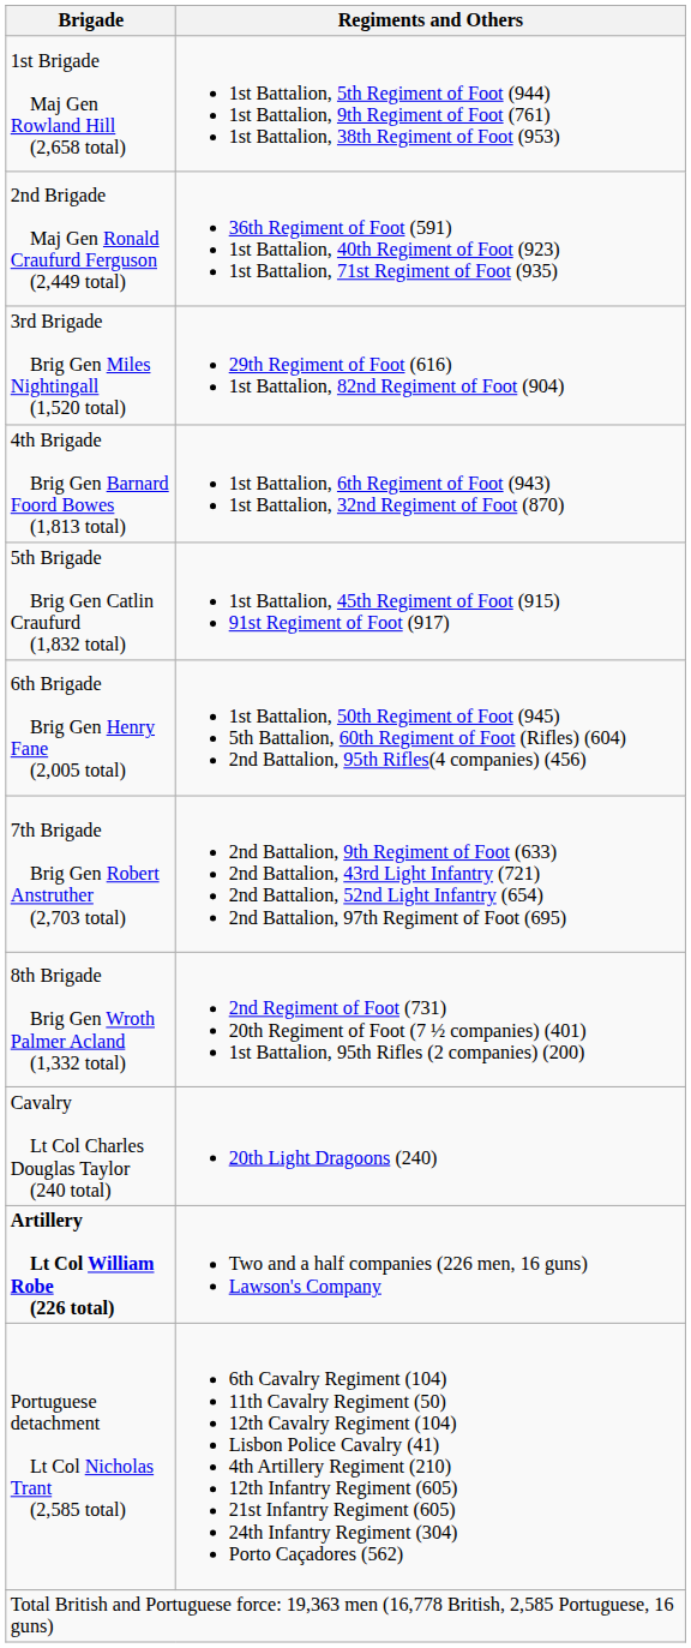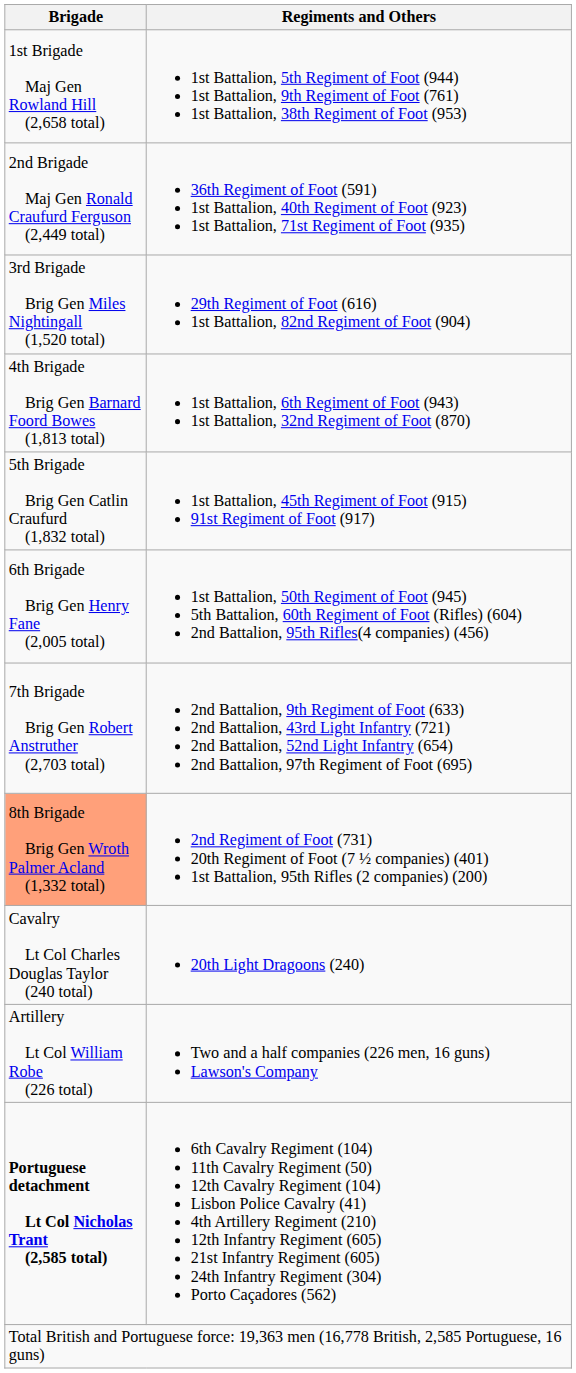 <table class="wikitable" width="90%" style="margin: 1em auto 1em auto">
 <tr>
 <th style="width:25%;">Brigade</th>
 <th>Regiments and Others</th>
 </tr>
 <tr>
 <td>1st Brigade<br><br>    Maj Gen <a href='#'>Rowland Hill</a> <br>    (2,658 total)</td>
 <td><br><ul><li>1st Battalion, <a href='#'>5th Regiment of Foot</a> (944)</li><li>1st Battalion, <a href='#'>9th Regiment of Foot</a> (761)</li><li>1st Battalion, <a href='#'>38th Regiment of Foot</a> (953)</li></ul></td>
 </tr>
 <tr>
 <td>2nd Brigade<br><br>    Maj Gen <a href='#'>Ronald Craufurd Ferguson</a> <br>    (2,449 total)</td>
 <td><br><ul><li><a href='#'>36th Regiment of Foot</a> (591)</li><li>1st Battalion, <a href='#'>40th Regiment of Foot</a> (923)</li><li>1st Battalion, <a href='#'>71st Regiment of Foot</a> (935)</li></ul></td>
 </tr>
 <tr>
 <td>3rd Brigade<br><br>    Brig Gen <a href='#'>Miles Nightingall</a> <br>    (1,520 total)</td>
 <td><br><ul><li><a href='#'>29th Regiment of Foot</a> (616)</li><li>1st Battalion, <a href='#'>82nd Regiment of Foot</a> (904)</li></ul></td>
 </tr>
 <tr>
 <td>4th Brigade<br><br>    Brig Gen <a href='#'>Barnard Foord Bowes</a> <br>    (1,813 total)</td>
 <td><br><ul><li>1st Battalion, <a href='#'>6th Regiment of Foot</a> (943)</li><li>1st Battalion, <a href='#'>32nd Regiment of Foot</a> (870)</li></ul></td>
 </tr>
 <tr>
 <td>5th Brigade<br><br>    Brig Gen Catlin Craufurd <br>    (1,832 total)</td>
 <td><br><ul><li>1st Battalion, <a href='#'>45th Regiment of Foot</a> (915)</li><li><a href='#'>91st Regiment of Foot</a> (917)</li></ul></td>
 </tr>
 <tr>
 <td>6th Brigade<br><br>    Brig Gen <a href='#'>Henry Fane</a> <br>    (2,005 total)</td>
 <td><br><ul><li>1st Battalion, <a href='#'>50th Regiment of Foot</a> (945)</li><li>5th Battalion, <a href='#'>60th Regiment of Foot</a> (Rifles) (604)</li><li>2nd Battalion, <a href='#'>95th Rifles</a>(4 companies) (456)</li></ul></td>
 </tr>
 <tr>
 <td>7th Brigade<br><br>    Brig Gen <a href='#'>Robert Anstruther</a> <br>    (2,703 total)</td>
 <td><br><ul><li>2nd Battalion, <a href='#'>9th Regiment of Foot</a> (633)</li><li>2nd Battalion, <a href='#'>43rd Light Infantry</a> (721)</li><li>2nd Battalion, <a href='#'>52nd Light Infantry</a> (654)</li><li>2nd Battalion, 97th Regiment of Foot (695)</li></ul></td>
 </tr>
 <tr>
-<td>8th Brigade<br><br>    Brig Gen <a href='#'>Wroth Palmer Acland</a> <br>    (1,332 total)</td>
+<td style="background: lightsalmon;">8th Brigade<br><br>    Brig Gen <a href='#'>Wroth Palmer Acland</a> <br>    (1,332 total)</td>
 <td><br><ul><li><a href='#'>2nd Regiment of Foot</a> (731)</li><li>20th Regiment of Foot (7 ½ companies) (401)</li><li>1st Battalion, 95th Rifles (2 companies) (200)</li></ul></td>
 </tr>
 <tr>
 <td>Cavalry<br><br>    Lt Col Charles Douglas Taylor <br>    (240 total)</td>
 <td><br><ul><li><a href='#'>20th Light Dragoons</a> (240)</li></ul></td>
 </tr>
 <tr>
-<td><strong>Artillery<br><br>    Lt Col <a href='#'>William Robe</a> <br>    (226 total)</strong></td>
+<td>Artillery<br><br>    Lt Col <a href='#'>William Robe</a> <br>    (226 total)</td>
 <td><br><ul><li>Two and a half companies (226 men, 16 guns)</li><li><a href='#'>Lawson's Company</a></li></ul></td>
 </tr>
 <tr>
-<td>Portuguese detachment<br><br>    Lt Col <a href='#'>Nicholas Trant</a> <br>    (2,585 total)</td>
+<td><strong>Portuguese detachment<br><br>    Lt Col <a href='#'>Nicholas Trant</a> <br>    (2,585 total)</strong></td>
 <td><br><ul><li>6th Cavalry Regiment (104)</li><li>11th Cavalry Regiment (50)</li><li>12th Cavalry Regiment (104)</li><li>Lisbon Police Cavalry (41)</li><li>4th Artillery Regiment (210)</li><li>12th Infantry Regiment (605)</li><li>21st Infantry Regiment	(605)</li><li>24th Infantry Regiment (304)</li><li>Porto Caçadores (562)</li></ul></td>
 </tr>
 <tr>
 <td colspan=2>Total British and Portuguese force: 19,363 men (16,778 British, 2,585 Portuguese, 16 guns)</td>
 </tr>
 </table>
